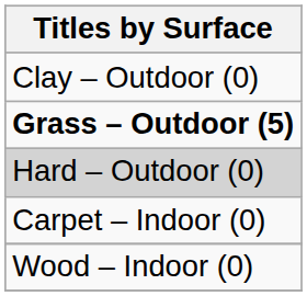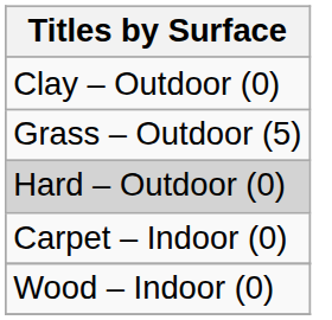 <table class="wikitable" style="display:inline-table;">
 <tr>
 <th>Titles by Surface</th>
 </tr>
 <tr>
 <td>Clay – Outdoor (0)</td>
 </tr>
 <tr>
-<td><strong>Grass – Outdoor (5)</strong></td>
+<td>Grass – Outdoor (5)</td>
 </tr>
 <tr>
 <td style="background: lightgrey;">Hard – Outdoor (0)</td>
 </tr>
 <tr>
 <td>Carpet – Indoor (0)</td>
 </tr>
 <tr>
 </tr>
 <tr>
 <td>Wood – Indoor (0)</td>
 </tr>
 <tr>
 </tr>
 </table>
